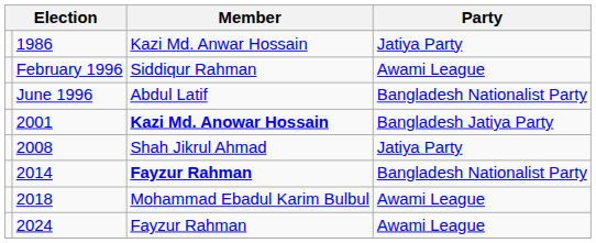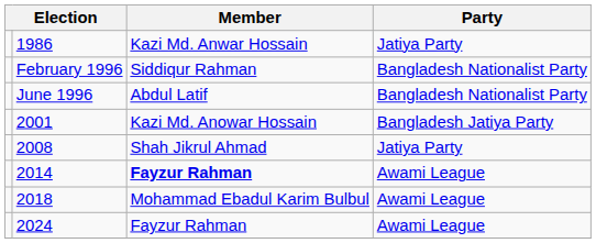 <table class="wikitable">
 <tr>
 <th colspan="2">Election</th>
 <th>Member</th>
 <th>Party</th>
 </tr>
 <tr>
 <td style="background-color:"></td>
 <td><a href='#'>1986</a></td>
 <td><a href='#'>Kazi Md. Anwar Hossain</a></td>
 <td><a href='#'>Jatiya Party</a></td>
 </tr>
 <tr>
 <td style="background-color:"></td>
 <td><a href='#'>February 1996</a></td>
 <td><a href='#'>Siddiqur Rahman</a></td>
-<td><a href='#'>Awami League</a></td>
+<td><a href='#'>Bangladesh Nationalist Party</a></td>
 </tr>
 <tr>
 <td style="background-color:"></td>
 <td><a href='#'>June 1996</a></td>
 <td><a href='#'>Abdul Latif</a></td>
 <td><a href='#'>Bangladesh Nationalist Party</a></td>
 </tr>
 <tr>
 <td style="background-color:"></td>
 <td><a href='#'>2001</a></td>
-<td><strong><a href='#'>Kazi Md. Anowar Hossain</a></strong></td>
+<td><a href='#'>Kazi Md. Anowar Hossain</a></td>
 <td><a href='#'>Bangladesh Jatiya Party</a></td>
 </tr>
 <tr>
 <td style="background-color:"></td>
 <td><a href='#'>2008</a></td>
 <td><a href='#'>Shah Jikrul Ahmad</a></td>
 <td><a href='#'>Jatiya Party</a></td>
 </tr>
 <tr>
 <td style="background-color:"></td>
 <td><a href='#'>2014</a></td>
 <td><strong><a href='#'>Fayzur Rahman</a></strong></td>
-<td><a href='#'>Bangladesh Nationalist Party</a></td>
+<td><a href='#'>Awami League</a></td>
 </tr>
 <tr>
 <td style="background-color:"></td>
 <td><a href='#'>2018</a></td>
 <td><a href='#'>Mohammad Ebadul Karim Bulbul</a></td>
 <td><a href='#'>Awami League</a></td>
 </tr>
 <tr>
 <td style="background-color:"></td>
 <td><a href='#'>2024</a></td>
 <td><a href='#'>Fayzur Rahman</a></td>
 <td><a href='#'>Awami League</a></td>
 </tr>
 <tr>
 </tr>
 </table>
